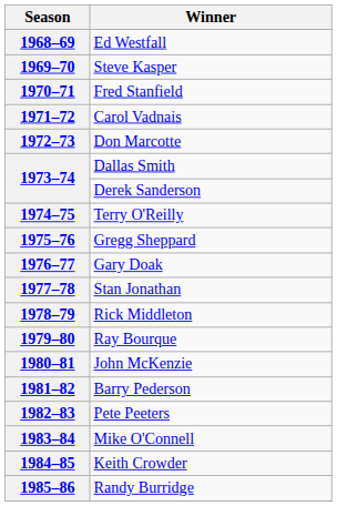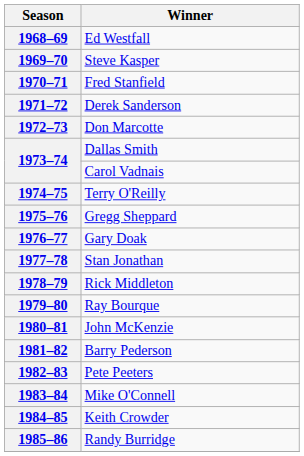 <table class="wikitable">
 <tr>
 <th scope="col" style="width:5em">Season</th>
 <th scope="col" style="width:15em">Winner</th>
 </tr>
 <tr>
 <th scope="row"><a href='#'>1968–69</a></th>
 <td><a href='#'>Ed Westfall</a></td>
 </tr>
 <tr>
 <th scope="row"><a href='#'>1969–70</a></th>
 <td><a href='#'>Steve Kasper</a></td>
 </tr>
 <tr>
 <th scope="row"><a href='#'>1970–71</a></th>
 <td><a href='#'>Fred Stanfield</a></td>
 </tr>
 <tr>
 <th scope="row"><a href='#'>1971–72</a></th>
-<td><a href='#'>Carol Vadnais</a></td>
+<td><a href='#'>Derek Sanderson</a></td>
 </tr>
 <tr>
 <th scope="row"><a href='#'>1972–73</a></th>
 <td><a href='#'>Don Marcotte</a></td>
 </tr>
 <tr>
 <th scope="row" rowspan="2"><a href='#'>1973–74</a></th>
 <td><a href='#'>Dallas Smith</a></td>
 </tr>
 <tr>
-<td><a href='#'>Derek Sanderson</a></td>
+<td><a href='#'>Carol Vadnais</a></td>
 </tr>
 <tr>
 <th scope="row"><a href='#'>1974–75</a></th>
 <td><a href='#'>Terry O'Reilly</a></td>
 </tr>
 <tr>
 <th scope="row"><a href='#'>1975–76</a></th>
 <td><a href='#'>Gregg Sheppard</a></td>
 </tr>
 <tr>
 <th scope="row"><a href='#'>1976–77</a></th>
 <td><a href='#'>Gary Doak</a></td>
 </tr>
 <tr>
 <th scope="row"><a href='#'>1977–78</a></th>
 <td><a href='#'>Stan Jonathan</a></td>
 </tr>
 <tr>
 <th scope="row"><a href='#'>1978–79</a></th>
 <td><a href='#'>Rick Middleton</a></td>
 </tr>
 <tr>
 <th scope="row"><a href='#'>1979–80</a></th>
 <td><a href='#'>Ray Bourque</a></td>
 </tr>
 <tr>
 <th scope="row"><a href='#'>1980–81</a></th>
 <td><a href='#'>John McKenzie</a></td>
 </tr>
 <tr>
 <th scope="row"><a href='#'>1981–82</a></th>
 <td><a href='#'>Barry Pederson</a></td>
 </tr>
 <tr>
 <th scope="row"><a href='#'>1982–83</a></th>
 <td><a href='#'>Pete Peeters</a></td>
 </tr>
 <tr>
 <th scope="row"><a href='#'>1983–84</a></th>
 <td><a href='#'>Mike O'Connell</a></td>
 </tr>
 <tr>
 <th scope="row"><a href='#'>1984–85</a></th>
 <td><a href='#'>Keith Crowder</a></td>
 </tr>
 <tr>
 <th scope="row"><a href='#'>1985–86</a></th>
 <td><a href='#'>Randy Burridge</a></td>
 </tr>
 <tr>
 </tr>
 </table>
